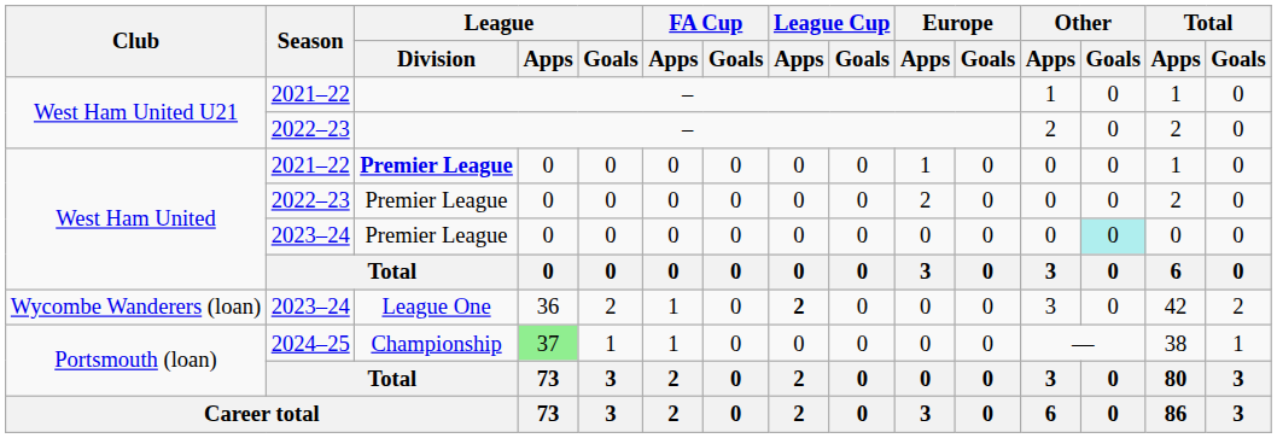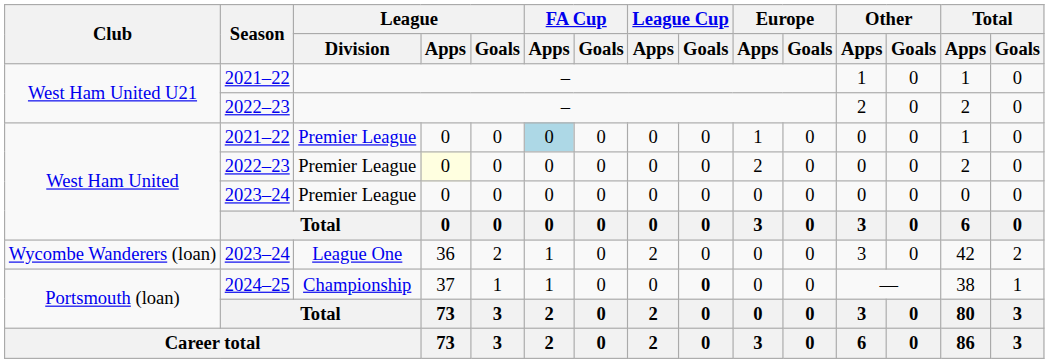 <table class="wikitable" style="text-align: center">
 <tr>
 <th rowspan="2">Club</th>
 <th rowspan="2">Season</th>
 <th colspan="3">League</th>
 <th colspan="2"><a href='#'>FA Cup</a></th>
 <th colspan="2"><a href='#'>League Cup</a></th>
 <th colspan="2">Europe</th>
 <th colspan="2">Other</th>
 <th colspan="2">Total</th>
 </tr>
 <tr>
 <th>Division</th>
 <th>Apps</th>
 <th>Goals</th>
 <th>Apps</th>
 <th>Goals</th>
 <th>Apps</th>
 <th>Goals</th>
 <th>Apps</th>
 <th>Goals</th>
 <th>Apps</th>
 <th>Goals</th>
 <th>Apps</th>
 <th>Goals</th>
 </tr>
 <tr>
 <td rowspan="2"><a href='#'>West Ham United U21</a></td>
 <td><a href='#'>2021–22</a></td>
 <td colspan="9">–</td>
 <td>1</td>
 <td>0</td>
 <td>1</td>
 <td>0</td>
 </tr>
 <tr>
 <td><a href='#'>2022–23</a></td>
 <td colspan="9">–</td>
 <td>2</td>
 <td>0</td>
 <td>2</td>
 <td>0</td>
 </tr>
 <tr>
 <td rowspan="4"><a href='#'>West Ham United</a></td>
 <td><a href='#'>2021–22</a></td>
-<td><strong><a href='#'>Premier League</a></strong></td>
+<td><a href='#'>Premier League</a></td>
 <td>0</td>
 <td>0</td>
-<td>0</td>
+<td style="background: lightblue;">0</td>
 <td>0</td>
 <td>0</td>
 <td>0</td>
 <td>1</td>
 <td>0</td>
 <td>0</td>
 <td>0</td>
 <td>1</td>
 <td>0</td>
 </tr>
 <tr>
 <td><a href='#'>2022–23</a></td>
 <td>Premier League</td>
-<td>0</td>
+<td style="background: lightyellow;">0</td>
 <td>0</td>
 <td>0</td>
 <td>0</td>
 <td>0</td>
 <td>0</td>
 <td>2</td>
 <td>0</td>
 <td>0</td>
 <td>0</td>
 <td>2</td>
 <td>0</td>
 </tr>
 <tr>
 <td><a href='#'>2023–24</a></td>
 <td>Premier League</td>
 <td>0</td>
 <td>0</td>
 <td>0</td>
 <td>0</td>
 <td>0</td>
 <td>0</td>
 <td>0</td>
 <td>0</td>
 <td>0</td>
-<td style="background: paleturquoise;">0</td>
+<td>0</td>
 <td>0</td>
 <td>0</td>
 </tr>
 <tr>
 <th colspan="2">Total</th>
 <th>0</th>
 <th>0</th>
 <th>0</th>
 <th>0</th>
 <th>0</th>
 <th>0</th>
 <th>3</th>
 <th>0</th>
 <th>3</th>
 <th>0</th>
 <th>6</th>
 <th>0</th>
 </tr>
 <tr>
 <td><a href='#'>Wycombe Wanderers</a> (loan)</td>
 <td><a href='#'>2023–24</a></td>
 <td><a href='#'>League One</a></td>
 <td>36</td>
 <td>2</td>
 <td>1</td>
 <td>0</td>
-<td><strong>2</strong></td>
+<td>2</td>
 <td>0</td>
 <td>0</td>
 <td>0</td>
 <td>3</td>
 <td>0</td>
 <td>42</td>
 <td>2</td>
 </tr>
 <tr>
 <td rowspan="2"><a href='#'>Portsmouth</a> (loan)</td>
 <td><a href='#'>2024–25</a></td>
 <td><a href='#'>Championship</a></td>
-<td style="background: lightgreen;">37</td>
+<td>37</td>
 <td>1</td>
 <td>1</td>
 <td>0</td>
 <td>0</td>
-<td>0</td>
+<td><strong>0</strong></td>
 <td>0</td>
 <td>0</td>
 <td colspan="2">—</td>
 <td>38</td>
 <td>1</td>
 </tr>
 <tr>
 <th colspan="2">Total</th>
 <th>73</th>
 <th>3</th>
 <th>2</th>
 <th>0</th>
 <th>2</th>
 <th>0</th>
 <th>0</th>
 <th>0</th>
 <th>3</th>
 <th>0</th>
 <th>80</th>
 <th>3</th>
 </tr>
 <tr>
 <th colspan="3">Career total</th>
 <th>73</th>
 <th>3</th>
 <th>2</th>
 <th>0</th>
 <th>2</th>
 <th>0</th>
 <th>3</th>
 <th>0</th>
 <th>6</th>
 <th>0</th>
 <th>86</th>
 <th>3</th>
 </tr>
 </table>
